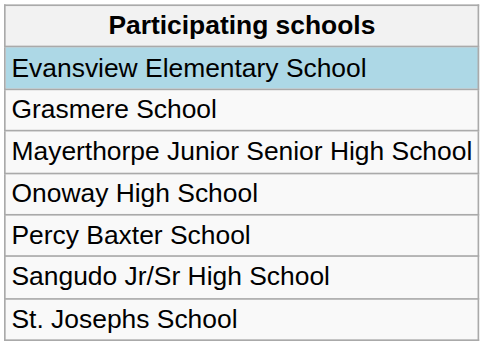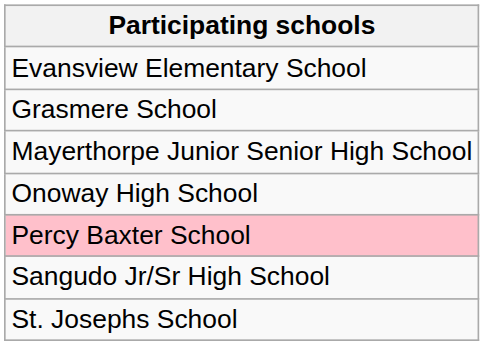 <table class="wikitable" align=right>
 <tr>
 <th>Participating schools</th>
 </tr>
 <tr>
-<td style="background: lightblue;">Evansview Elementary School</td>
+<td>Evansview Elementary School</td>
 </tr>
 <tr>
 <td>Grasmere School</td>
 </tr>
 <tr>
 <td>Mayerthorpe Junior Senior High School</td>
 </tr>
 <tr>
 <td>Onoway High School</td>
 </tr>
 <tr>
-<td>Percy Baxter School</td>
+<td style="background: pink;">Percy Baxter School</td>
 </tr>
 <tr>
 <td>Sangudo Jr/Sr High School</td>
 </tr>
 <tr>
 <td>St. Josephs School</td>
 </tr>
 </table>
